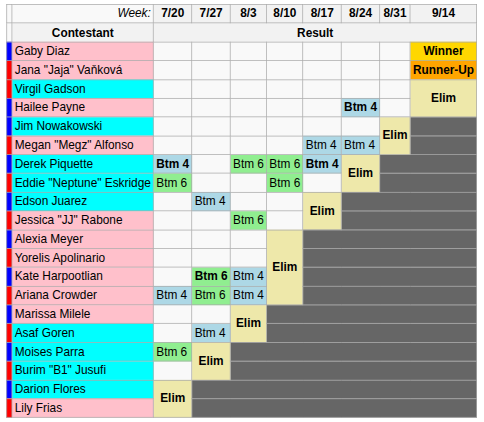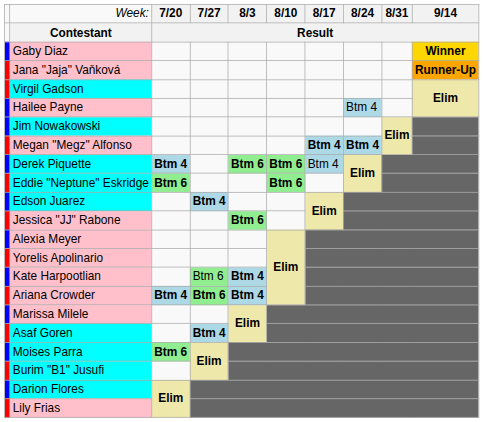 <table class="wikitable" style="margin: auto;">
 <tr>
 <td></td>
 <td align="right"><em>Week:</em></td>
 <th>7/20</th>
 <th>7/27</th>
 <th>8/3</th>
 <th>8/10</th>
 <th>8/17</th>
 <th>8/24</th>
 <th>8/31</th>
 <th>9/14</th>
 </tr>
 <tr>
 <td></td>
 <th>Contestant</th>
 <th colspan="22" style="text-align:center;">Result</th>
 </tr>
 <tr>
 <td style="background:blue;"></td>
 <td style="background:pink;">Gaby Diaz</td>
 <td></td>
 <td></td>
 <td></td>
 <td></td>
 <td></td>
 <td></td>
 <td></td>
 <td style="background:gold;text-align:center;"><strong>Winner</strong></td>
 </tr>
 <tr>
 <td style="background:red;"></td>
 <td style="background:pink;">Jana "Jaja" Vaňková</td>
 <td></td>
 <td></td>
 <td></td>
 <td></td>
 <td></td>
 <td></td>
 <td></td>
 <td style="background:orange;text-align:center;"><strong>Runner-Up</strong></td>
 </tr>
 <tr>
 <td style="background:red;"></td>
 <td style="background:cyan;">Virgil Gadson</td>
 <td></td>
 <td></td>
 <td></td>
 <td></td>
 <td></td>
 <td></td>
 <td></td>
 <td rowspan="2"  style="background:palegoldenrod;text-align:center;"><strong>Elim</strong></td>
 </tr>
 <tr>
 <td style="background:blue;"></td>
 <td style="background:pink;">Hailee Payne</td>
 <td></td>
 <td></td>
 <td></td>
 <td></td>
 <td></td>
-<td style="background:lightblue;"><strong>Btm 4</strong></td>
+<td style="background:lightblue;">Btm 4</td>
 <td></td>
 </tr>
 <tr>
 <td style="background:blue;"></td>
 <td style="background:cyan;">Jim Nowakowski</td>
 <td></td>
 <td></td>
 <td></td>
 <td></td>
 <td></td>
 <td></td>
 <td rowspan="2"  style="background:palegoldenrod;text-align:center;"><strong>Elim</strong></td>
 <td colspan="2" style="background:#666;"></td>
 </tr>
 <tr>
 <td style="background:red;"></td>
 <td style="background:pink;">Megan "Megz" Alfonso</td>
 <td></td>
 <td></td>
 <td></td>
 <td></td>
-<td style="background:lightblue;">Btm 4</td>
-<td style="background:lightblue;">Btm 4</td>
+<td style="background:lightblue;"><strong>Btm 4</strong></td>
+<td style="background:lightblue;"><strong>Btm 4</strong></td>
 <td colspan="2" style="background:#666;"></td>
 </tr>
 <tr>
 <td style="background:blue;"></td>
 <td style="background:cyan;">Derek Piquette</td>
 <td style="background:lightblue;"><strong>Btm 4</strong></td>
 <td></td>
-<td style="background:lightgreen;">Btm 6</td>
-<td style="background:lightgreen;">Btm 6</td>
-<td style="background:lightblue;"><strong>Btm 4</strong></td>
+<td style="background:lightgreen;"><strong>Btm 6</strong></td>
+<td style="background:lightgreen;"><strong>Btm 6</strong></td>
+<td style="background:lightblue;">Btm 4</td>
 <td rowspan="2"  style="background:palegoldenrod;text-align:center;"><strong>Elim</strong></td>
 <td colspan="4" style="background:#666;"></td>
 </tr>
 <tr>
 <td style="background:red;"></td>
 <td style="background:cyan;">Eddie "Neptune" Eskridge</td>
-<td style="background:lightgreen;">Btm 6</td>
+<td style="background:lightgreen;"><strong>Btm 6</strong></td>
 <td></td>
 <td></td>
-<td style="background:lightgreen;">Btm 6</td>
+<td style="background:lightgreen;"><strong>Btm 6</strong></td>
 <td></td>
 <td colspan="4" style="background:#666;"></td>
 </tr>
 <tr>
 <td style="background:blue;"></td>
 <td style="background:cyan;">Edson Juarez</td>
 <td></td>
-<td style="background:lightblue;">Btm 4</td>
+<td style="background:lightblue;"><strong>Btm 4</strong></td>
 <td></td>
 <td></td>
 <td rowspan="2"  style="background:palegoldenrod;text-align:center;"><strong>Elim</strong></td>
 <td colspan="5" style="background:#666;"></td>
 </tr>
 <tr>
 <td style="background:red;"></td>
 <td style="background:pink;">Jessica "JJ" Rabone</td>
 <td></td>
 <td></td>
-<td style="background:lightgreen;">Btm 6</td>
+<td style="background:lightgreen;"><strong>Btm 6</strong></td>
 <td></td>
 <td colspan="5" style="background:#666;"></td>
 </tr>
 <tr>
 <td style="background:blue;"></td>
 <td style="background:pink;">Alexia Meyer</td>
 <td></td>
 <td></td>
 <td></td>
 <td rowspan="4"  style="background:palegoldenrod;text-align:center;"><strong>Elim</strong></td>
 <td colspan="6" style="background:#666;"></td>
 </tr>
 <tr>
 <td style="background:red;"></td>
 <td style="background:pink;">Yorelis Apolinario</td>
 <td></td>
 <td></td>
 <td></td>
 <td colspan="6" style="background:#666;"></td>
 </tr>
 <tr>
 <td style="background:blue;"></td>
 <td style="background:pink;">Kate Harpootlian</td>
 <td></td>
-<td style="background:lightgreen;"><strong>Btm 6</strong></td>
-<td style="background:lightblue;">Btm 4</td>
+<td style="background:lightgreen;">Btm 6</td>
+<td style="background:lightblue;"><strong>Btm 4</strong></td>
 <td colspan="6" style="background:#666;"></td>
 </tr>
 <tr>
 <td style="background:red;"></td>
 <td style="background:pink;">Ariana Crowder</td>
-<td style="background:lightblue;">Btm 4</td>
-<td style="background:lightgreen;">Btm 6</td>
-<td style="background:lightblue;">Btm 4</td>
+<td style="background:lightblue;"><strong>Btm 4</strong></td>
+<td style="background:lightgreen;"><strong>Btm 6</strong></td>
+<td style="background:lightblue;"><strong>Btm 4</strong></td>
 <td colspan="6" style="background:#666;"></td>
 </tr>
 <tr>
 <td style="background:blue;"></td>
 <td style="background:pink;">Marissa Milele</td>
 <td></td>
 <td></td>
 <td rowspan="2"  style="background:palegoldenrod;text-align:center;"><strong>Elim</strong></td>
 <td colspan="7" style="background:#666;"></td>
 </tr>
 <tr>
 <td style="background:red;"></td>
 <td style="background:cyan;">Asaf Goren</td>
 <td></td>
-<td style="background:lightblue;">Btm 4</td>
+<td style="background:lightblue;"><strong>Btm 4</strong></td>
 <td colspan="7" style="background:#666;"></td>
 </tr>
 <tr>
 <td style="background:blue;"></td>
 <td style="background:cyan;">Moises Parra</td>
-<td style="background:lightgreen;">Btm 6</td>
+<td style="background:lightgreen;"><strong>Btm 6</strong></td>
 <td rowspan="2"  style="background:palegoldenrod;text-align:center;"><strong>Elim</strong></td>
 <td colspan="8" style="background:#666;"></td>
 </tr>
 <tr>
 <td style="background:red;"></td>
 <td style="background:cyan;">Burim "B1" Jusufi</td>
 <td></td>
 <td colspan="8" style="background:#666;"></td>
 </tr>
 <tr>
 <td style="background:blue;"></td>
 <td style="background:cyan;">Darion Flores</td>
 <td rowspan="2"  style="background:palegoldenrod;text-align:center;"><strong>Elim</strong></td>
 <td colspan="9" style="background:#666;"></td>
 </tr>
 <tr>
 <td style="background:red;"></td>
 <td style="background:pink;">Lily Frias</td>
 <td colspan="9" style="background:#666;"></td>
 </tr>
 </table>
